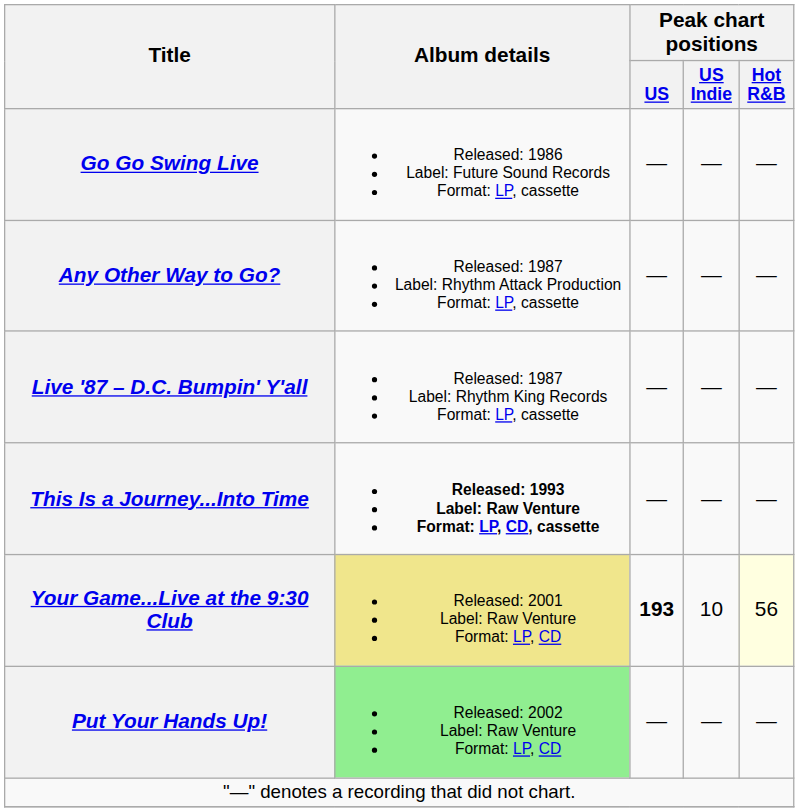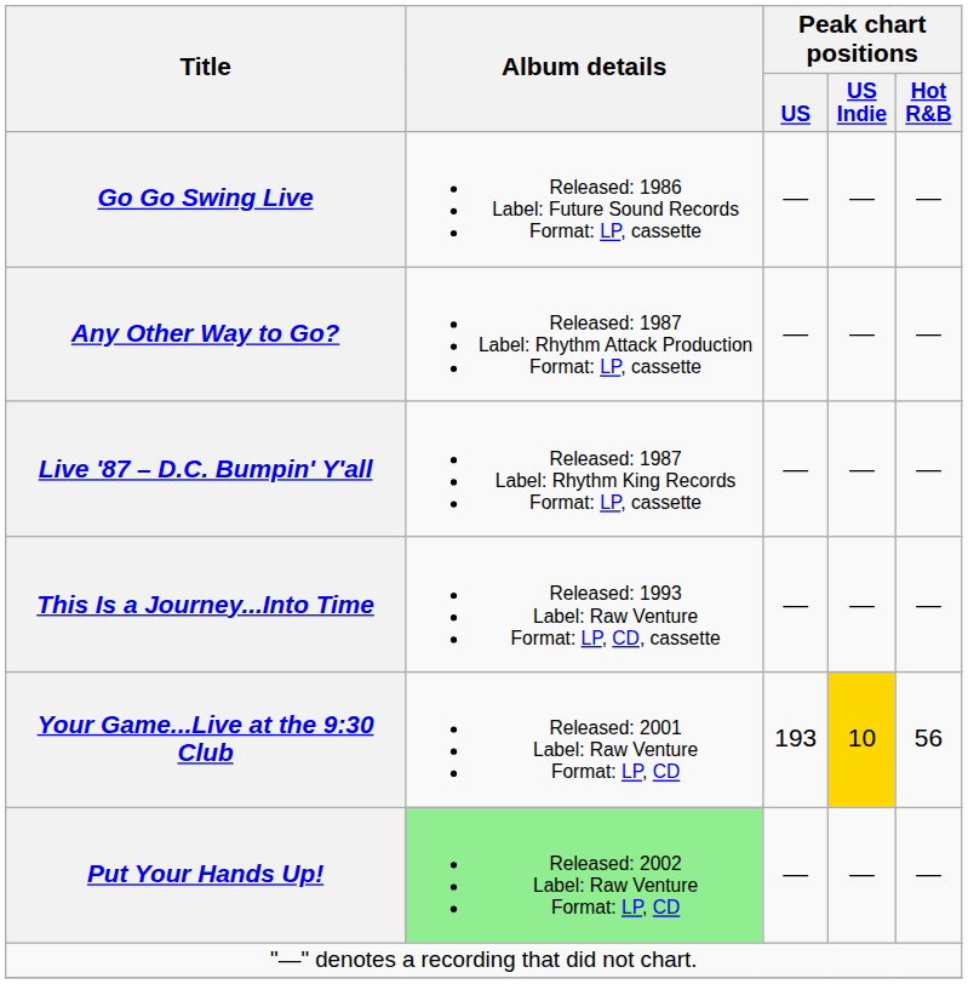 <table class="wikitable plainrowheaders" style="text-align:center;" border="1">
 <tr>
 <th scope="col" rowspan="2" style="width:18em;">Title</th>
 <th scope="col" rowspan="2" style="width:16em;">Album details</th>
 <th scope="col" colspan="3">Peak chart positions</th>
 </tr>
 <tr>
 <th scope="col" style="width:2.75em;font-size:85%;"><br><a href='#'>US</a><br> </th>
 <th scope="col" style="width:2.75em;font-size:85%;"><a href='#'>US Indie</a><br></th>
 <th scope="col" style="width:2.75em;font-size:85%;"><a href='#'>Hot R&B</a><br></th>
 </tr>
 <tr>
 <th scope="row"><em><a href='#'>Go Go Swing Live</a></em><br></th>
 <td style="font-size:12px;"><br><ul><li>Released: 1986 </li><li>Label: Future Sound Records</li><li>Format: <a href='#'>LP</a>, cassette</li></ul></td>
 <td>—</td>
 <td>—</td>
 <td>—</td>
 </tr>
 <tr>
 <th scope="row"><em><a href='#'>Any Other Way to Go?</a></em><br></th>
 <td style="font-size:12px;"><br><ul><li>Released: 1987 </li><li>Label: Rhythm Attack Production</li><li>Format: <a href='#'>LP</a>, cassette</li></ul></td>
 <td>—</td>
 <td>—</td>
 <td>—</td>
 </tr>
 <tr>
 <th scope="row"><em><a href='#'>Live '87 – D.C. Bumpin' Y'all</a></em><br></th>
 <td style="font-size:12px;"><br><ul><li>Released: 1987 </li><li>Label: Rhythm King Records</li><li>Format: <a href='#'>LP</a>, cassette</li></ul></td>
 <td>—</td>
 <td>—</td>
 <td>—</td>
 </tr>
 <tr>
 <th scope="row"><em><a href='#'>This Is a Journey...Into Time</a></em><br></th>
-<td style="font-size:12px;"><strong><br><ul><li>Released: 1993 </li><li>Label: Raw Venture</li><li>Format: <a href='#'>LP</a>, <a href='#'>CD</a>, cassette</li></ul></strong></td>
+<td style="font-size:12px;"><br><ul><li>Released: 1993 </li><li>Label: Raw Venture</li><li>Format: <a href='#'>LP</a>, <a href='#'>CD</a>, cassette</li></ul></td>
 <td>—</td>
 <td>—</td>
 <td>—</td>
 </tr>
 <tr>
 <th scope="row"><em><a href='#'>Your Game...Live at the 9:30 Club</a></em></th>
-<td style="background: khaki; font-size:12px;"><br><ul><li>Released: 2001 </li><li>Label: Raw Venture</li><li>Format: <a href='#'>LP</a>, <a href='#'>CD</a></li></ul></td>
-<td><strong>193</strong></td>
-<td>10</td>
-<td style="background: lightyellow;">56</td>
+<td style="font-size:12px;"><br><ul><li>Released: 2001 </li><li>Label: Raw Venture</li><li>Format: <a href='#'>LP</a>, <a href='#'>CD</a></li></ul></td>
+<td>193</td>
+<td style="background: gold;">10</td>
+<td>56</td>
 </tr>
 <tr>
 <th scope="row"><em><a href='#'>Put Your Hands Up!</a></em></th>
 <td style="background: lightgreen; font-size:12px;"><br><ul><li>Released: 2002 </li><li>Label: Raw Venture</li><li>Format: <a href='#'>LP</a>, <a href='#'>CD</a></li></ul></td>
 <td>—</td>
 <td>—</td>
 <td>—</td>
 </tr>
 <tr>
 <td colspan="14" style="font-size:90%">"—" denotes a recording that did not chart.</td>
 </tr>
 <tr>
 </tr>
 </table>
